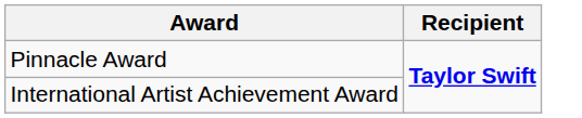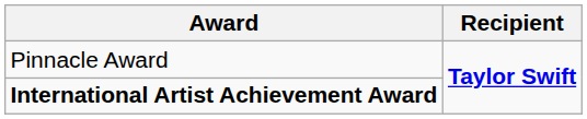 <table class="wikitable">
 <tr>
 <th>Award</th>
 <th>Recipient</th>
 </tr>
 <tr>
 <td>Pinnacle Award</td>
 <td rowspan="2"><strong><a href='#'>Taylor Swift</a></strong></td>
 </tr>
 <tr>
-<td>International Artist Achievement Award</td>
+<td><strong>International Artist Achievement Award</strong></td>
 </tr>
 </table>
